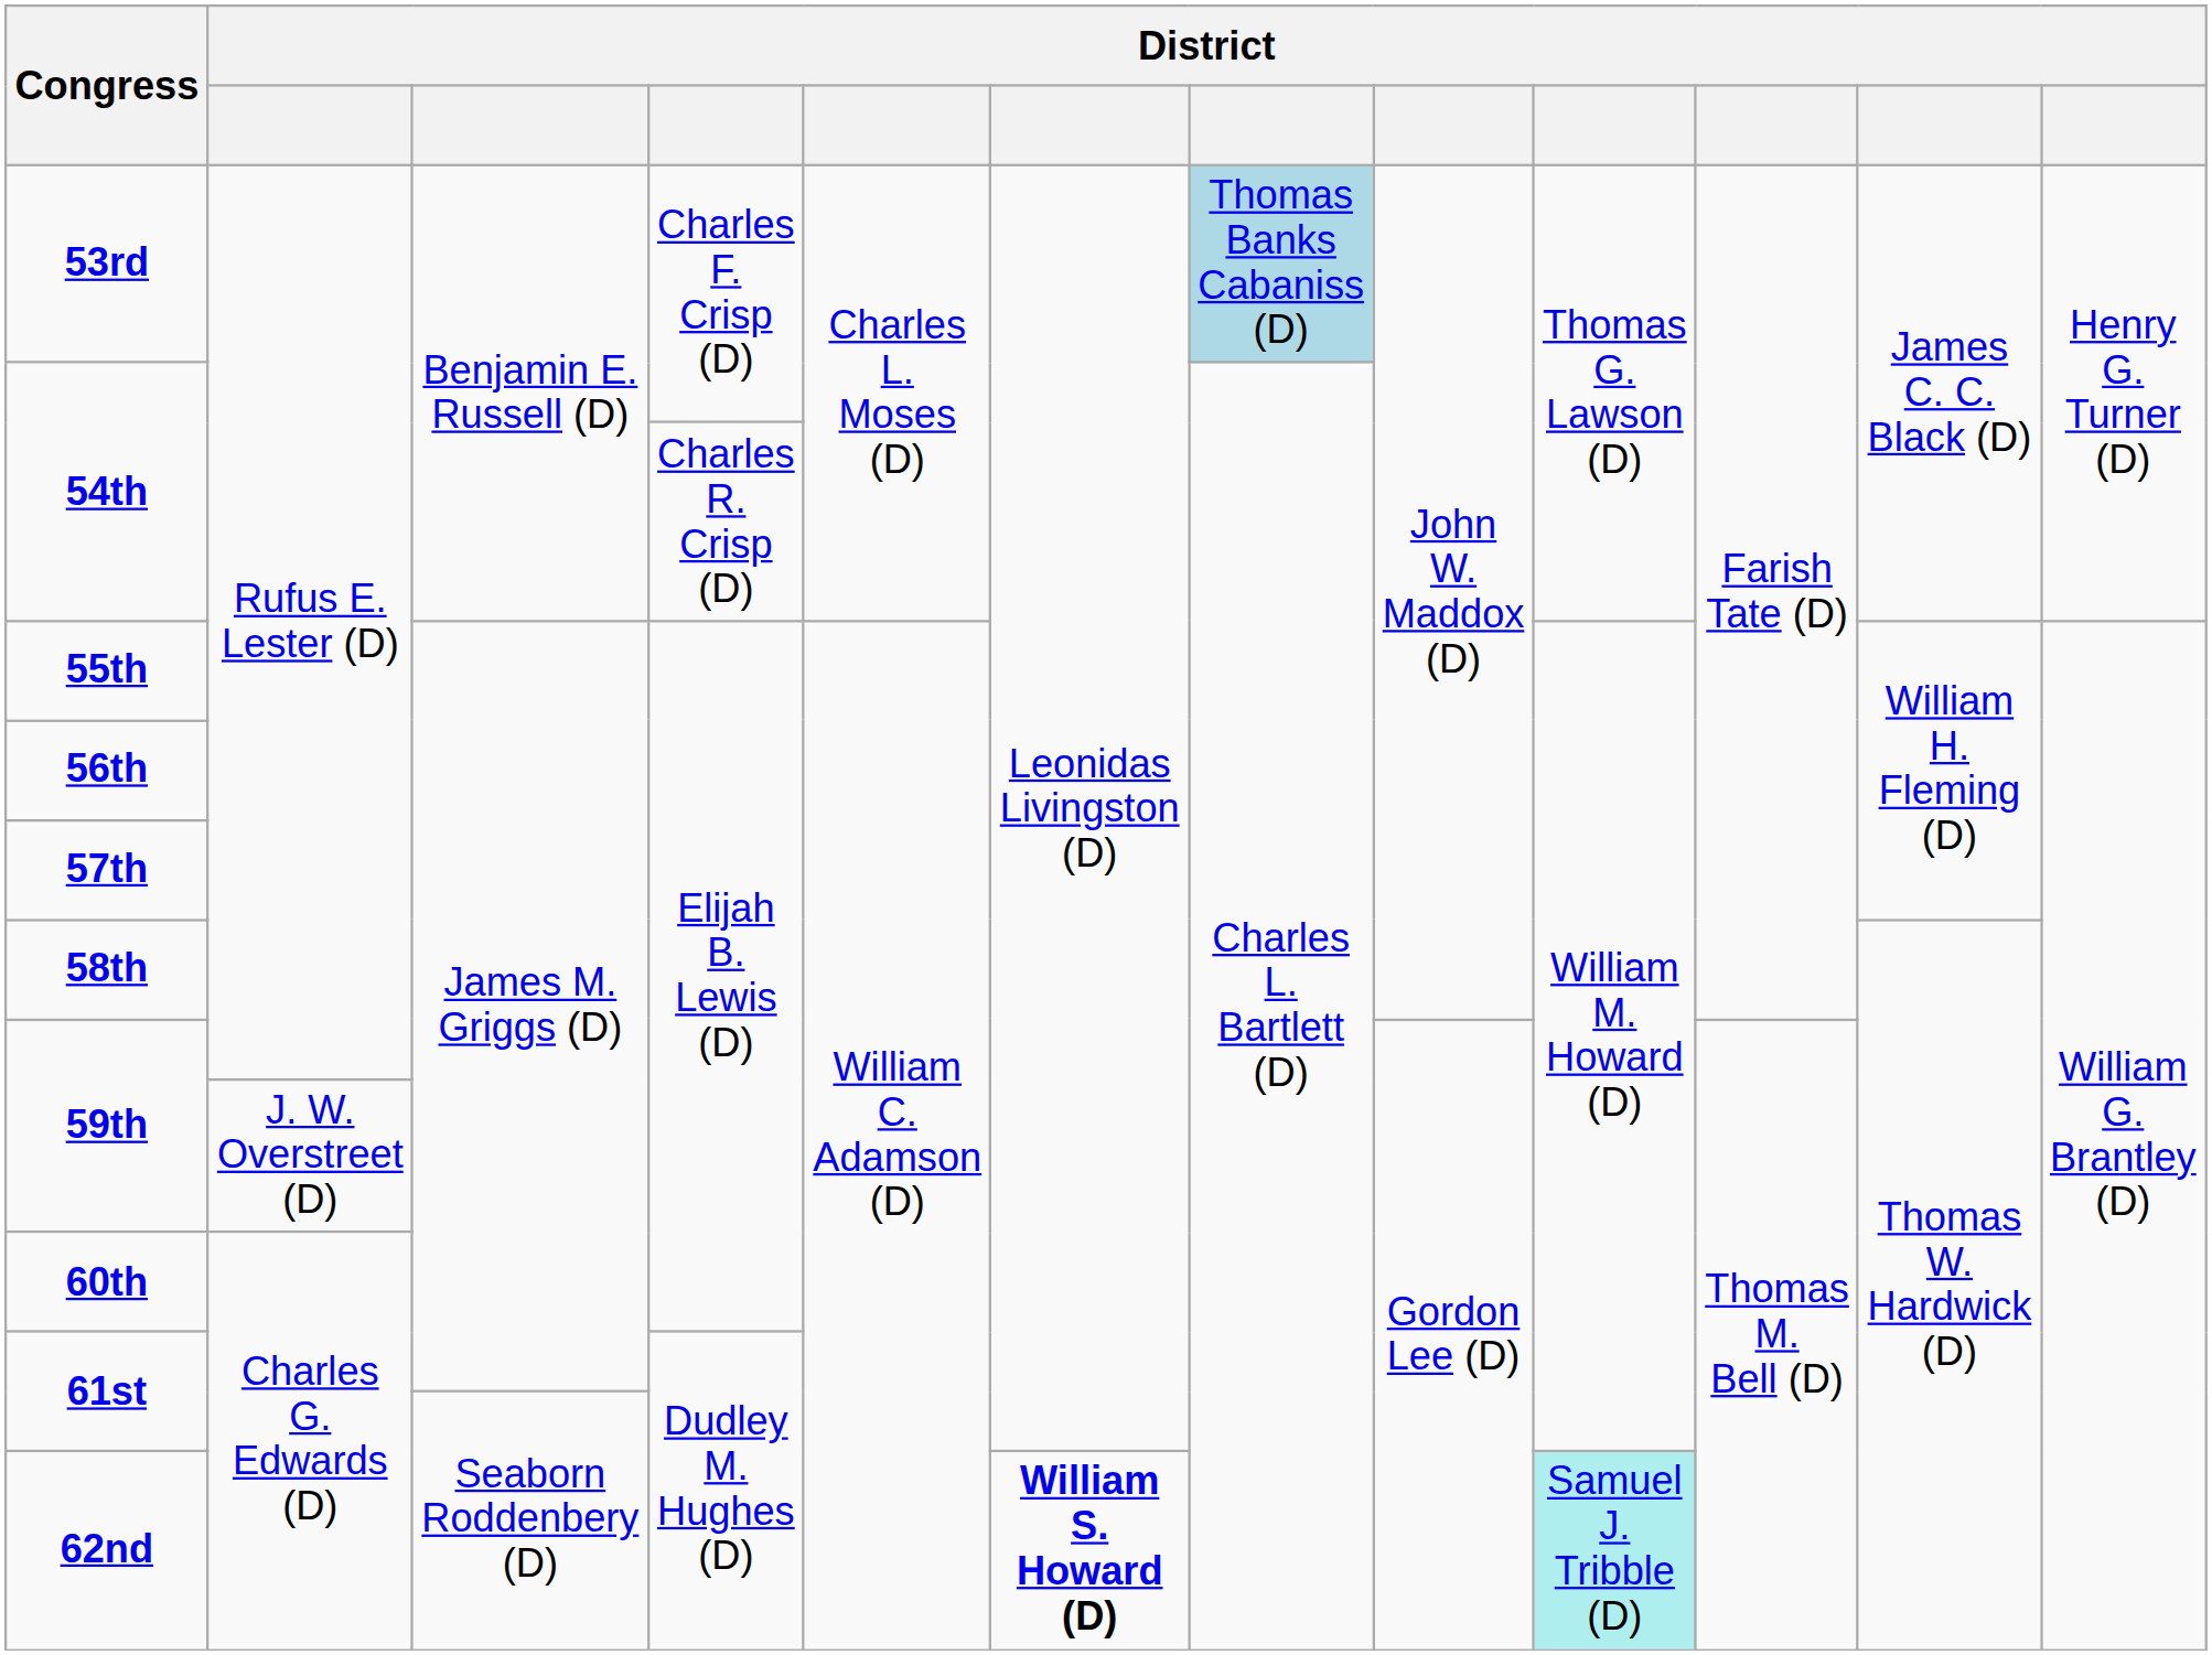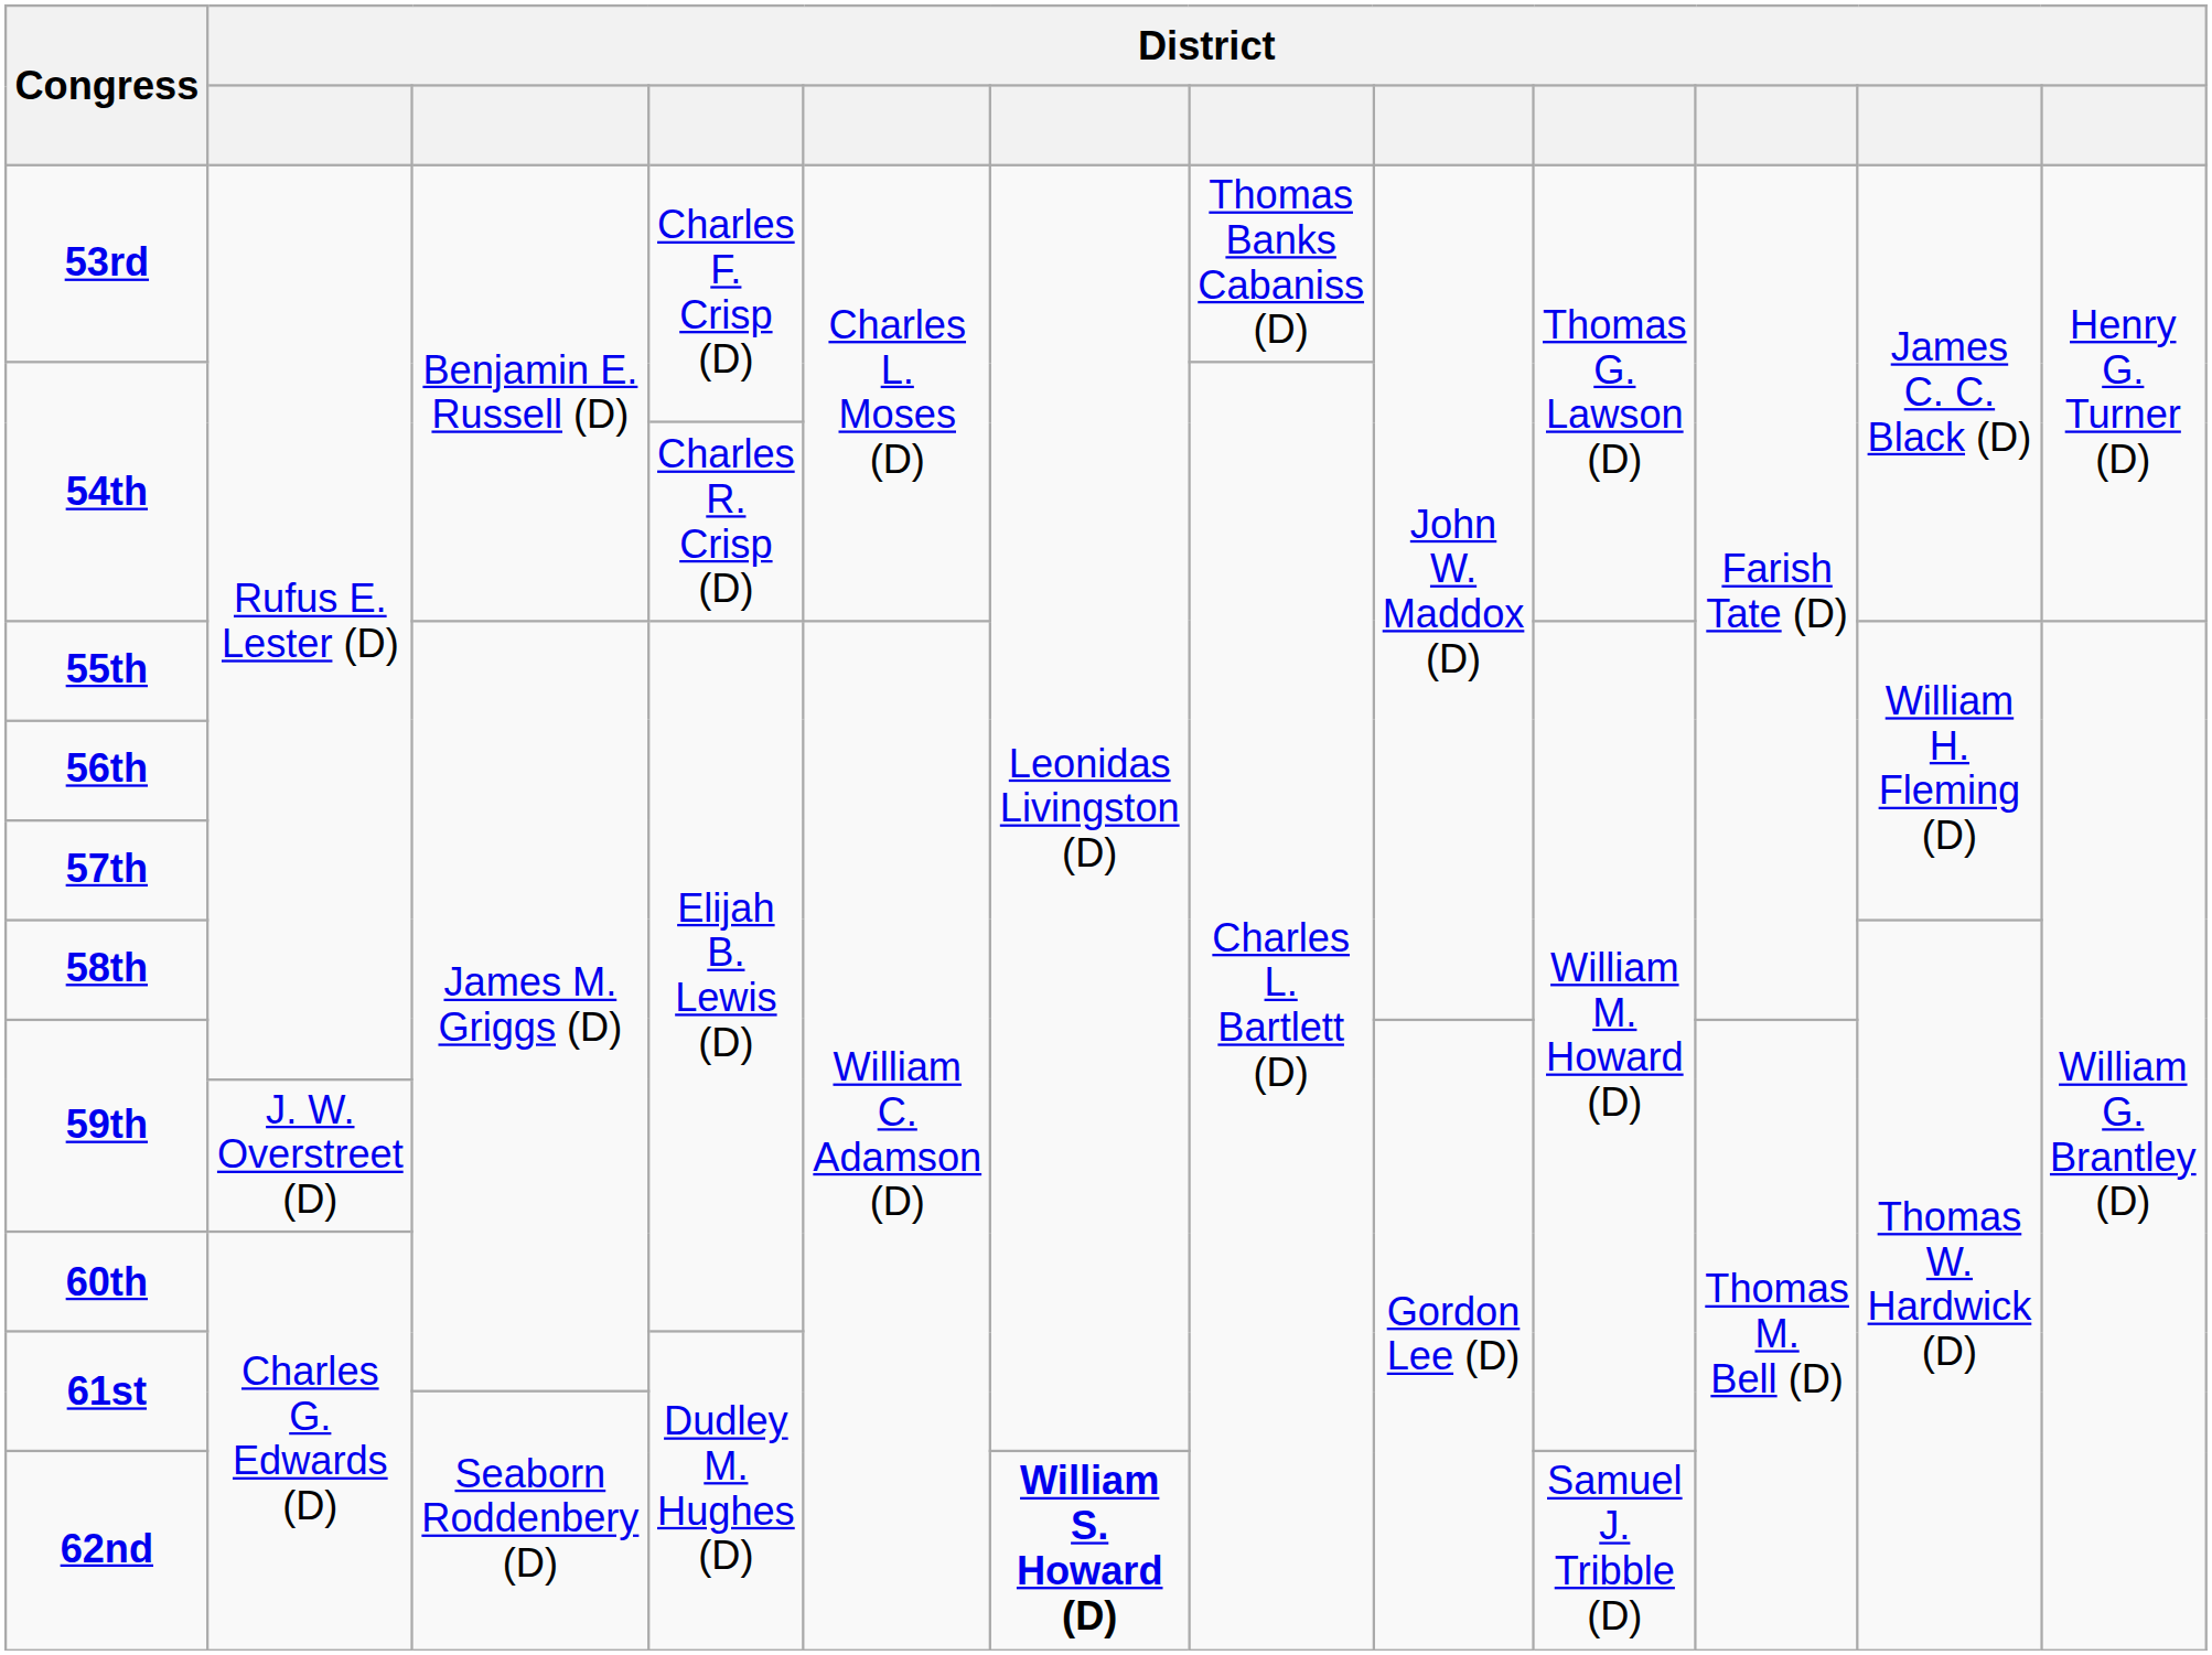 <table class=wikitable style="text-align:center">
 <tr style="height:2em">
 <th rowspan=2>Congress</th>
 <th colspan=11>District</th>
 </tr>
 <tr style="height:2em">
 <th></th>
 <th></th>
 <th></th>
 <th></th>
 <th></th>
 <th></th>
 <th></th>
 <th></th>
 <th></th>
 <th></th>
 <th></th>
 </tr>
 <tr style="height:2.5em">
 <td><strong><a href='#'>53rd</a></strong> </td>
 <td rowspan="8" ><a href='#'>Rufus E. Lester</a> (D)</td>
 <td rowspan="3" ><a href='#'>Benjamin E.<br>Russell</a> (D)</td>
 <td rowspan="2" ><a href='#'>Charles F.<br>Crisp</a> (D)</td>
 <td rowspan="3" ><a href='#'>Charles L.<br>Moses</a> (D)</td>
 <td rowspan="12" ><a href='#'>Leonidas<br>Livingston</a> (D)</td>
-<td style="background: lightblue;"><a href='#'>Thomas Banks<br>Cabaniss</a> (D)</td>
+<td><a href='#'>Thomas Banks<br>Cabaniss</a> (D)</td>
 <td rowspan="7" ><a href='#'>John W.<br>Maddox</a> (D)</td>
 <td rowspan="3" ><a href='#'>Thomas G.<br>Lawson</a> (D)</td>
 <td rowspan="7" ><a href='#'>Farish<br>Tate</a> (D)</td>
 <td rowspan="3" ><a href='#'>James C. C.<br>Black</a> (D)</td>
 <td rowspan="3" ><a href='#'>Henry G.<br>Turner</a> (D)</td>
 </tr>
 <tr style="height:1.5em">
 <td rowspan="2"><strong><a href='#'>54th</a></strong> </td>
 <td rowspan="12" ><a href='#'>Charles L.<br>Bartlett</a> (D)</td>
 </tr>
 <tr style="height:2.5em">
 <td><a href='#'>Charles R. Crisp</a> (D)</td>
 </tr>
 <tr style="height:2.5em">
 <td><strong><a href='#'>55th</a></strong> </td>
 <td rowspan="8" ><a href='#'>James M.<br>Griggs</a> (D)</td>
 <td rowspan="7" ><a href='#'>Elijah B. Lewis</a> (D)</td>
 <td rowspan="10" ><a href='#'>William C.<br>Adamson</a> (D)</td>
 <td rowspan="9" ><a href='#'>William M.<br>Howard</a> (D)</td>
 <td rowspan="3" ><a href='#'>William H.<br>Fleming</a> (D)</td>
 <td rowspan="10" ><a href='#'>William G.<br>Brantley</a> (D)</td>
 </tr>
 <tr style="height:2.5em">
 <td><strong><a href='#'>56th</a></strong> </td>
 </tr>
 <tr style="height:2.5em">
 <td><strong><a href='#'>57th</a></strong> </td>
 </tr>
 <tr style="height:2.5em">
 <td><strong><a href='#'>58th</a></strong> </td>
 <td rowspan="7" ><a href='#'>Thomas W.<br>Hardwick</a> (D)</td>
 </tr>
 <tr style="height:1.5em">
 <td rowspan="2"><strong><a href='#'>59th</a></strong> </td>
 <td rowspan="6" ><a href='#'>Gordon<br>Lee</a> (D)</td>
 <td rowspan="6" ><a href='#'>Thomas M.<br>Bell</a> (D)</td>
 </tr>
 <tr style="height:1.5em">
 <td><a href='#'>J. W. Overstreet</a> (D)</td>
 </tr>
 <tr style="height:2.5em">
 <td><strong><a href='#'>60th</a></strong> </td>
 <td rowspan="4" ><a href='#'>Charles G.<br>Edwards</a> (D)</td>
 </tr>
 <tr style="height:1.5em">
 <td rowspan="2"><strong><a href='#'>61st</a></strong> </td>
 <td rowspan="3" ><a href='#'>Dudley M.<br>Hughes</a> (D)</td>
 </tr>
 <tr style="height:1.5em">
 <td rowspan="2" ><a href='#'>Seaborn<br>Roddenbery</a> (D)</td>
 </tr>
 <tr style="height:2.5em">
 <td><strong><a href='#'>62nd</a></strong> </td>
 <td><strong><a href='#'>William S.<br>Howard</a> (D)</strong></td>
-<td style="background: paleturquoise;"><a href='#'>Samuel J.<br>Tribble</a> (D)</td>
+<td><a href='#'>Samuel J.<br>Tribble</a> (D)</td>
 </tr>
 </table>
